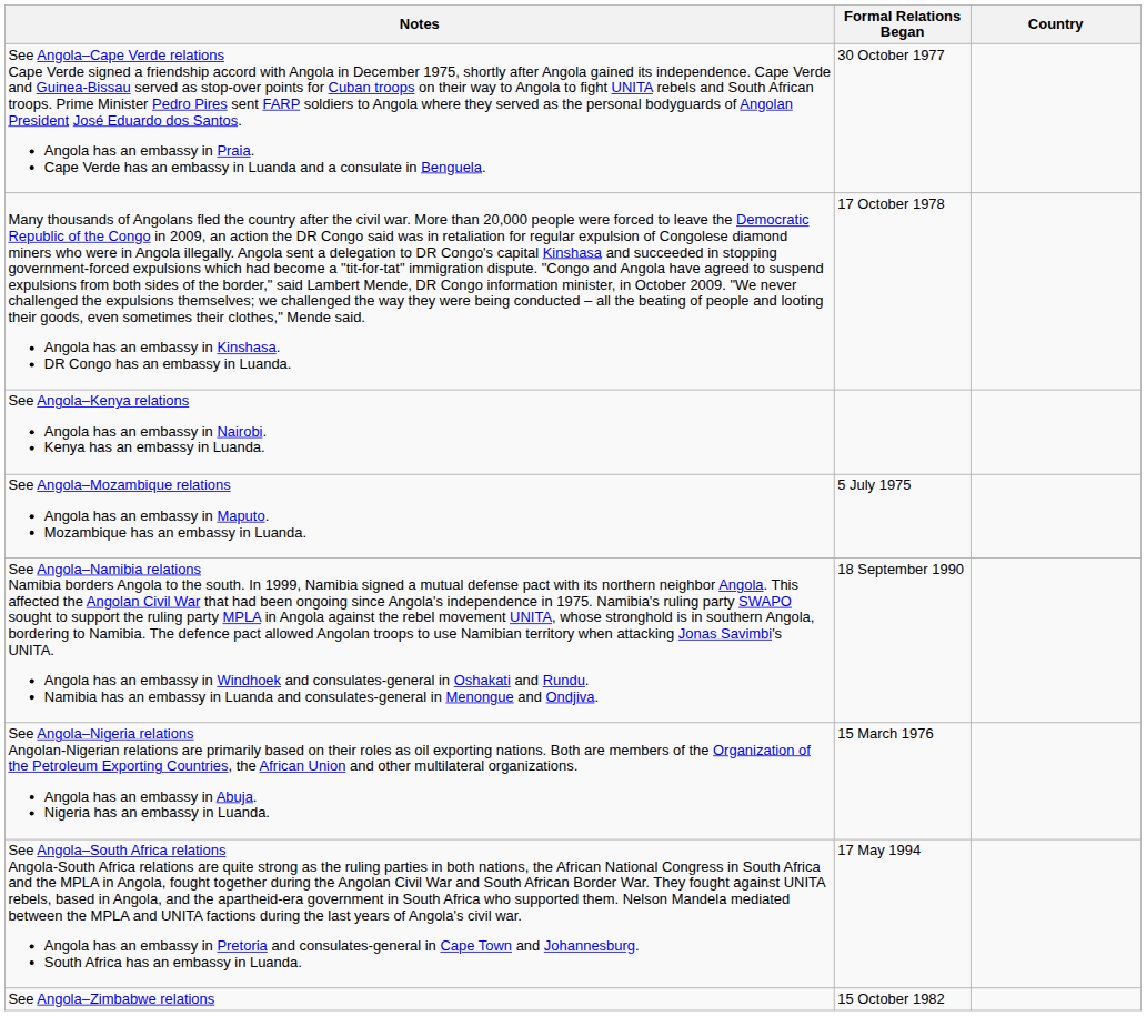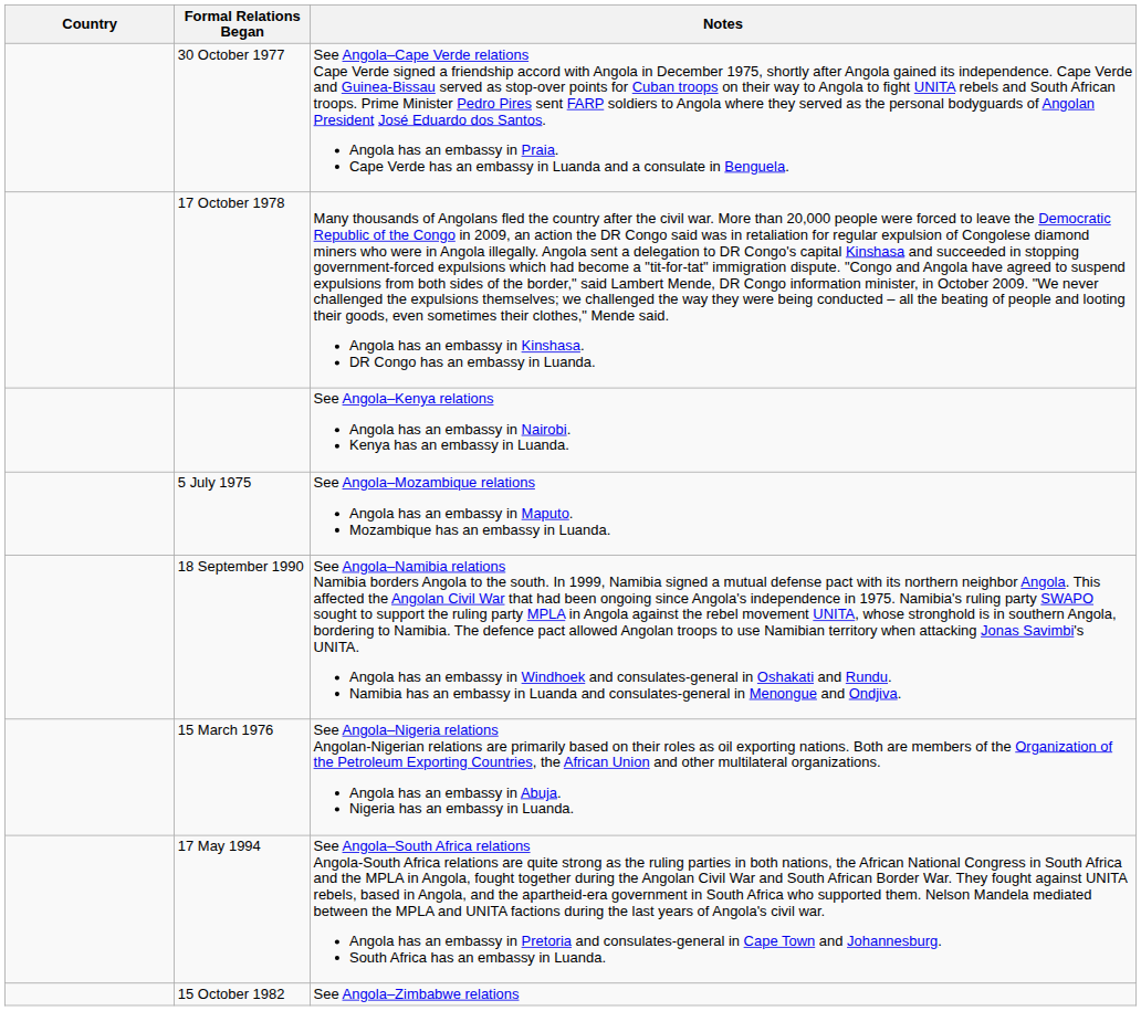 <table class="wikitable sortable" style="width:100%; margin:auto;">
 <tr>
+<th style="width:15%;">Country</th>
+<th style="width:12%;">Formal Relations Began</th>
 <th>Notes</th>
-<th style="width:12%;">Formal Relations Began</th>
-<th style="width:15%;">Country</th>
 </tr>
 <tr valign="top">
+<td></td>
+<td>30 October 1977</td>
 <td>See <a href='#'>Angola–Cape Verde relations</a><br>Cape Verde signed a friendship accord with Angola in December 1975, shortly after Angola gained its independence. Cape Verde and <a href='#'>Guinea-Bissau</a> served as stop-over points for <a href='#'>Cuban troops</a> on their way to Angola to fight <a href='#'>UNITA</a> rebels and South African troops. Prime Minister <a href='#'>Pedro Pires</a> sent <a href='#'>FARP</a> soldiers to Angola where they served as the personal bodyguards of <a href='#'>Angolan President</a> <a href='#'>José Eduardo dos Santos</a>.<ul><li>Angola has an embassy in <a href='#'>Praia</a>.</li><li>Cape Verde has an embassy in Luanda and a consulate in <a href='#'>Benguela</a>.</li></ul></td>
-<td>30 October 1977</td>
-<td></td>
 </tr>
 <tr valign="top">
+<td></td>
+<td>17 October 1978</td>
 <td><br>Many thousands of Angolans fled the country after the civil war. More than 20,000 people were forced to leave the <a href='#'>Democratic Republic of the Congo</a> in 2009, an action the DR Congo said was in retaliation for regular expulsion of Congolese diamond miners who were in Angola illegally. Angola sent a delegation to DR Congo's capital <a href='#'>Kinshasa</a> and succeeded in stopping government-forced expulsions which had become a "tit-for-tat" immigration dispute. "Congo and Angola have agreed to suspend expulsions from both sides of the border," said Lambert Mende, DR Congo information minister, in October 2009. "We never challenged the expulsions themselves; we challenged the way they were being conducted – all the beating of people and looting their goods, even sometimes their clothes," Mende said.<ul><li>Angola has an embassy in <a href='#'>Kinshasa</a>.</li><li>DR Congo has an embassy in Luanda.</li></ul></td>
-<td>17 October 1978</td>
-<td></td>
 </tr>
 <tr valign="top">
-<td>See <a href='#'>Angola–Kenya relations</a><br><ul><li>Angola has an embassy in <a href='#'>Nairobi</a>.</li><li>Kenya has an embassy in Luanda.</li></ul></td>
 <td></td>
 <td></td>
+<td>See <a href='#'>Angola–Kenya relations</a><br><ul><li>Angola has an embassy in <a href='#'>Nairobi</a>.</li><li>Kenya has an embassy in Luanda.</li></ul></td>
 </tr>
 <tr valign="top">
+<td></td>
+<td>5 July 1975</td>
 <td>See <a href='#'>Angola–Mozambique relations</a><br><ul><li>Angola has an embassy in <a href='#'>Maputo</a>.</li><li>Mozambique has an embassy in Luanda.</li></ul></td>
-<td>5 July 1975</td>
-<td></td>
 </tr>
 <tr valign="top">
+<td></td>
+<td>18 September 1990</td>
 <td>See <a href='#'>Angola–Namibia relations</a><br>Namibia borders Angola to the south. In 1999, Namibia signed a mutual defense pact with its northern neighbor <a href='#'>Angola</a>. This affected the <a href='#'>Angolan Civil War</a> that had been ongoing since Angola's independence in 1975. Namibia's ruling party <a href='#'>SWAPO</a> sought to support the ruling party <a href='#'>MPLA</a> in Angola against the rebel movement <a href='#'>UNITA</a>, whose stronghold is in southern Angola, bordering to Namibia. The defence pact allowed Angolan troops to use Namibian territory when attacking <a href='#'>Jonas Savimbi</a>'s UNITA.<ul><li>Angola has an embassy in <a href='#'>Windhoek</a> and consulates-general in <a href='#'>Oshakati</a> and <a href='#'>Rundu</a>.</li><li>Namibia has an embassy in Luanda and consulates-general in <a href='#'>Menongue</a> and <a href='#'>Ondjiva</a>.</li></ul></td>
-<td>18 September 1990</td>
-<td></td>
 </tr>
 <tr valign="top">
+<td></td>
+<td>15 March 1976</td>
 <td>See <a href='#'>Angola–Nigeria relations</a><br>Angolan-Nigerian relations are primarily based on their roles as oil exporting nations. Both are members of the <a href='#'>Organization of the Petroleum Exporting Countries</a>, the <a href='#'>African Union</a> and other multilateral organizations.<ul><li>Angola has an embassy in <a href='#'>Abuja</a>.</li><li>Nigeria has an embassy in Luanda.</li></ul></td>
-<td>15 March 1976</td>
-<td></td>
 </tr>
 <tr valign="top">
+<td></td>
+<td>17 May 1994</td>
 <td>See <a href='#'>Angola–South Africa relations</a><br>Angola-South Africa relations are quite strong as the ruling parties in both nations, the African National Congress in South Africa and the MPLA in Angola, fought together during the Angolan Civil War and South African Border War. They fought against UNITA rebels, based in Angola, and the apartheid-era government in South Africa who supported them. Nelson Mandela mediated between the MPLA and UNITA factions during the last years of Angola's civil war.<ul><li>Angola has an embassy in <a href='#'>Pretoria</a> and consulates-general in <a href='#'>Cape Town</a> and <a href='#'>Johannesburg</a>.</li><li>South Africa has an embassy in Luanda.</li></ul></td>
-<td>17 May 1994</td>
-<td></td>
 </tr>
 <tr valign="top">
+<td></td>
+<td>15 October 1982</td>
 <td>See <a href='#'>Angola–Zimbabwe relations</a></td>
-<td>15 October 1982</td>
-<td></td>
 </tr>
 </table>
